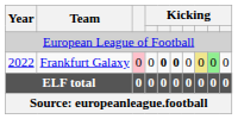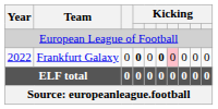 <table class="wikitable" style="text-align: center;">
 <tr>
 <th rowspan="2">Year</th>
 <th rowspan="2">Team</th>
 <th rowspan="2"></th>
 <th colspan="7">Kicking</th>
 </tr>
 <tr>
 <th></th>
 <th></th>
 <th></th>
 <th></th>
 <th></th>
 <th></th>
 <th></th>
 </tr>
 <tr>
 <td colspan="15" style="background-color:#D1D1D1"><a href='#'>European League of Football</a> </td>
 </tr>
 <tr>
 <td><a href='#'>2022</a></td>
 <td><a href='#'>Frankfurt Galaxy</a></td>
+<td>0</td>
+<td><strong>0</strong></td>
+<td>0</td>
+<td><strong>0</strong></td>
 <td style="background: pink;">0</td>
 <td>0</td>
-<td><strong>0</strong></td>
-<td><strong>0</strong></td>
 <td>0</td>
-<td style="background: khaki;">0</td>
-<td style="background: lightgreen;">0</td>
 <td>0</td>
 </tr>
 <tr style="background:#555555; font-weight:bold; color:white;">
 <td colspan="2">ELF total</td>
 <td>0</td>
 <td>0</td>
 <td>0</td>
 <td>0</td>
 <td>0</td>
 <td>0</td>
 <td>0</td>
 <td>0</td>
 </tr>
 <tr>
 <th colspan="15">Source: europeanleague.football</th>
 </tr>
 </table>
